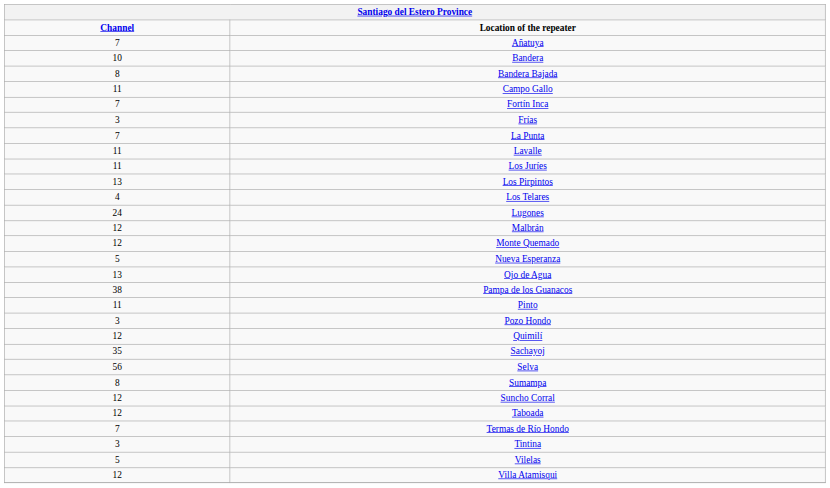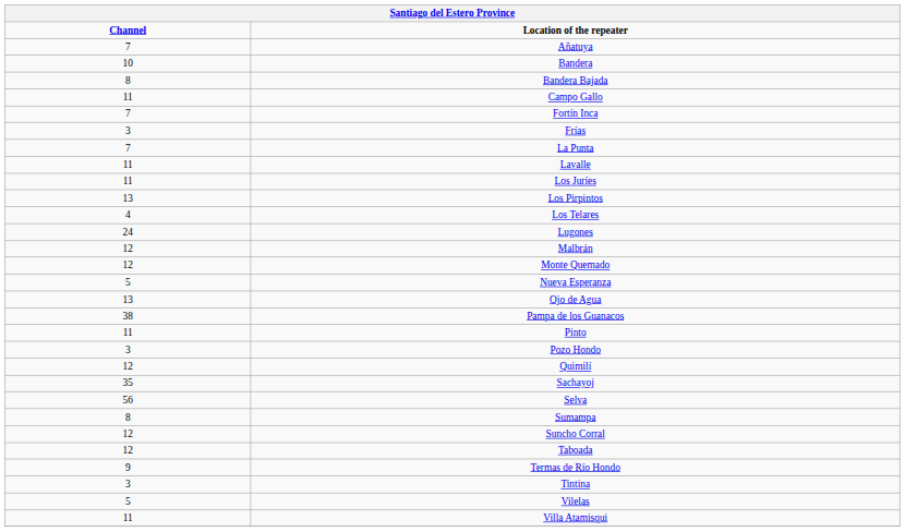 <table class="wikitable collapsible collapsed" style="font-size:90%; text-align: center; width: 100%;">
 <tr>
 <th colspan="12" style="with: 100%;" align=center> <a href='#'>Santiago del Estero Province</a></th>
 </tr>
 <tr>
 <td><strong><a href='#'>Channel</a></strong></td>
 <td><strong>Location of the repeater</strong></td>
 </tr>
 <tr>
 <td>7</td>
 <td><a href='#'>Añatuya</a></td>
 </tr>
 <tr>
 <td>10</td>
 <td><a href='#'>Bandera</a></td>
 </tr>
 <tr>
 <td>8</td>
 <td><a href='#'>Bandera Bajada</a></td>
 </tr>
 <tr>
 <td>11</td>
 <td><a href='#'>Campo Gallo</a></td>
 </tr>
 <tr>
 <td>7</td>
 <td><a href='#'>Fortín Inca</a></td>
 </tr>
 <tr>
 <td>3</td>
 <td><a href='#'>Frías</a></td>
 </tr>
 <tr>
 <td>7</td>
 <td><a href='#'>La Punta</a></td>
 </tr>
 <tr>
 <td>11</td>
 <td><a href='#'>Lavalle</a></td>
 </tr>
 <tr>
 <td>11</td>
 <td><a href='#'>Los Juríes</a></td>
 </tr>
 <tr>
 <td>13</td>
 <td><a href='#'>Los Pirpintos</a></td>
 </tr>
 <tr>
 <td>4</td>
 <td><a href='#'>Los Telares</a></td>
 </tr>
 <tr>
 <td>24</td>
 <td><a href='#'>Lugones</a></td>
 </tr>
 <tr>
 <td>12</td>
 <td><a href='#'>Malbrán</a></td>
 </tr>
 <tr>
 <td>12</td>
 <td><a href='#'>Monte Quemado</a></td>
 </tr>
 <tr>
 <td>5</td>
 <td><a href='#'>Nueva Esperanza</a></td>
 </tr>
 <tr>
 <td>13</td>
 <td><a href='#'>Ojo de Agua</a></td>
 </tr>
 <tr>
 <td>38</td>
 <td><a href='#'>Pampa de los Guanacos</a></td>
 </tr>
 <tr>
 <td>11</td>
 <td><a href='#'>Pinto</a></td>
 </tr>
 <tr>
 <td>3</td>
 <td><a href='#'>Pozo Hondo</a></td>
 </tr>
 <tr>
 <td>12</td>
 <td><a href='#'>Quimilí</a></td>
 </tr>
 <tr>
 <td>35</td>
 <td><a href='#'>Sachayoj</a></td>
 </tr>
 <tr>
 <td>56</td>
 <td><a href='#'>Selva</a></td>
 </tr>
 <tr>
 <td>8</td>
 <td><a href='#'>Sumampa</a></td>
 </tr>
 <tr>
 <td>12</td>
 <td><a href='#'>Suncho Corral</a></td>
 </tr>
 <tr>
 <td>12</td>
 <td><a href='#'>Taboada</a></td>
 </tr>
 <tr>
-<td>7</td>
+<td>9</td>
 <td><a href='#'>Termas de Río Hondo</a></td>
 </tr>
 <tr>
 <td>3</td>
 <td><a href='#'>Tintina</a></td>
 </tr>
 <tr>
 <td>5</td>
 <td><a href='#'>Vilelas</a></td>
 </tr>
 <tr>
-<td>12</td>
+<td>11</td>
 <td><a href='#'>Villa Atamisqui</a></td>
 </tr>
 <tr>
 </tr>
 </table>
